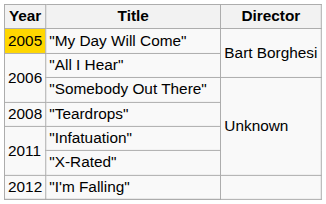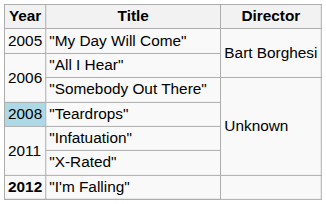 <table class="wikitable">
 <tr>
 <th>Year</th>
 <th width="175">Title</th>
 <th>Director</th>
 </tr>
 <tr>
-<td rowspan="1" style="background: gold;">2005</td>
+<td rowspan="1">2005</td>
 <td>"My Day Will Come"</td>
 <td rowspan="2">Bart Borghesi</td>
 </tr>
 <tr>
 <td rowspan="2">2006</td>
 <td>"All I Hear"</td>
 </tr>
 <tr>
 <td>"Somebody Out There"</td>
 <td rowspan="4">Unknown</td>
 </tr>
 <tr>
-<td rowspan="1">2008</td>
+<td rowspan="1" style="background: lightblue;">2008</td>
 <td>"Teardrops"</td>
 </tr>
 <tr>
 <td rowspan="2">2011</td>
 <td>"Infatuation"</td>
 </tr>
 <tr>
 <td>"X-Rated"</td>
 </tr>
 <tr>
-<td rowspan="1">2012</td>
+<td rowspan="1"><strong>2012</strong></td>
 <td>"I'm Falling"</td>
 </tr>
 <tr>
 </tr>
 </table>
